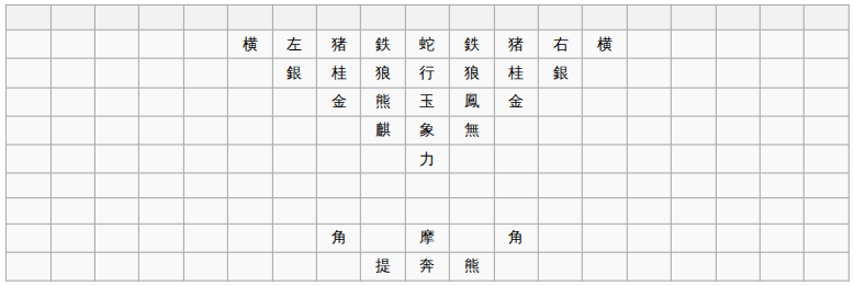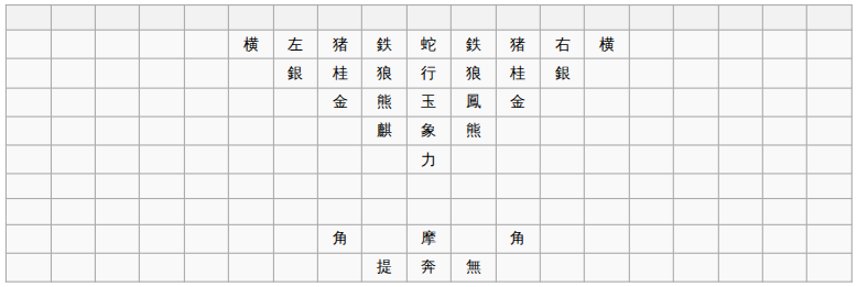 <table class="wikitable" style="margin:1em auto;">
 <tr align="center">
 <th>    </th>
 <th>    </th>
 <th>    </th>
 <th>    </th>
 <th>    </th>
 <th>    </th>
 <th>    </th>
 <th>    </th>
 <th>    </th>
 <th>    </th>
 <th>    </th>
 <th>    </th>
 <th>    </th>
 <th>    </th>
 <th>    </th>
 <th>    </th>
 <th>    </th>
 <th>    </th>
 <th>    </th>
 </tr>
 <tr align="center">
 <td> </td>
 <td> </td>
 <td> </td>
 <td> </td>
 <td> </td>
 <td>横</td>
 <td>左</td>
 <td>猪</td>
 <td>鉄</td>
 <td>蛇</td>
 <td>鉄</td>
 <td>猪</td>
 <td>右</td>
 <td>横</td>
 <td> </td>
 <td> </td>
 <td> </td>
 <td> </td>
 <td> </td>
 </tr>
 <tr align="center">
 <td> </td>
 <td> </td>
 <td> </td>
 <td> </td>
 <td> </td>
 <td> </td>
 <td>銀</td>
 <td>桂</td>
 <td>狼</td>
 <td>行</td>
 <td>狼</td>
 <td>桂</td>
 <td>銀</td>
 <td> </td>
 <td> </td>
 <td> </td>
 <td> </td>
 <td> </td>
 <td> </td>
 </tr>
 <tr align="center">
 <td> </td>
 <td> </td>
 <td> </td>
 <td> </td>
 <td> </td>
 <td> </td>
 <td> </td>
 <td>金</td>
 <td>熊</td>
 <td>玉</td>
 <td>鳳</td>
 <td>金</td>
 <td> </td>
 <td> </td>
 <td> </td>
 <td> </td>
 <td> </td>
 <td> </td>
 <td> </td>
 </tr>
 <tr align="center">
 <td> </td>
 <td> </td>
 <td> </td>
 <td> </td>
 <td> </td>
 <td> </td>
 <td> </td>
 <td> </td>
 <td>麒</td>
 <td>象</td>
-<td>無</td>
+<td>熊</td>
 <td> </td>
 <td> </td>
 <td> </td>
 <td> </td>
 <td> </td>
 <td> </td>
 <td> </td>
 <td> </td>
 </tr>
 <tr align="center">
 <td> </td>
 <td> </td>
 <td> </td>
 <td> </td>
 <td> </td>
 <td> </td>
 <td> </td>
 <td> </td>
 <td> </td>
 <td>力</td>
 <td> </td>
 <td> </td>
 <td> </td>
 <td> </td>
 <td> </td>
 <td> </td>
 <td> </td>
 <td> </td>
 <td> </td>
 </tr>
 <tr align="center">
 <td> </td>
 <td> </td>
 <td> </td>
 <td> </td>
 <td> </td>
 <td> </td>
 <td> </td>
 <td> </td>
 <td> </td>
 <td> </td>
 <td> </td>
 <td> </td>
 <td> </td>
 <td> </td>
 <td> </td>
 <td> </td>
 <td> </td>
 <td> </td>
 <td> </td>
 </tr>
 <tr align="center">
 <td> </td>
 <td> </td>
 <td> </td>
 <td> </td>
 <td> </td>
 <td> </td>
 <td> </td>
 <td> </td>
 <td> </td>
 <td> </td>
 <td> </td>
 <td> </td>
 <td> </td>
 <td> </td>
 <td> </td>
 <td> </td>
 <td> </td>
 <td> </td>
 <td> </td>
 </tr>
 <tr align="center">
 <td> </td>
 <td> </td>
 <td> </td>
 <td> </td>
 <td> </td>
 <td> </td>
 <td> </td>
 <td>角</td>
 <td> </td>
 <td>摩</td>
 <td> </td>
 <td>角</td>
 <td> </td>
 <td> </td>
 <td> </td>
 <td> </td>
 <td> </td>
 <td> </td>
 <td> </td>
 </tr>
 <tr align="center">
 <td> </td>
 <td> </td>
 <td> </td>
 <td> </td>
 <td> </td>
 <td> </td>
 <td> </td>
 <td> </td>
 <td>提</td>
 <td>奔</td>
-<td>熊</td>
+<td>無</td>
 <td> </td>
 <td> </td>
 <td> </td>
 <td> </td>
 <td> </td>
 <td> </td>
 <td> </td>
 <td> </td>
 </tr>
 </table>
